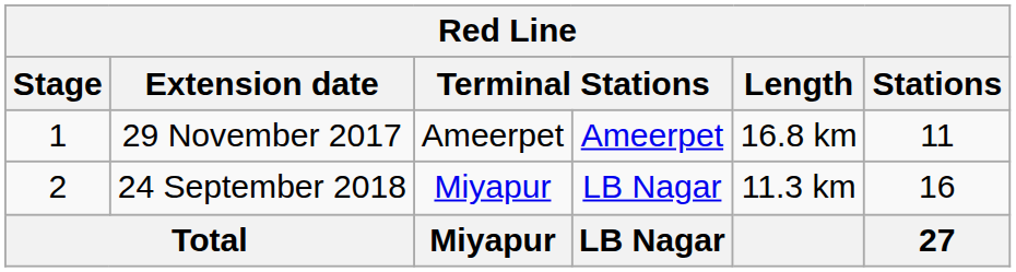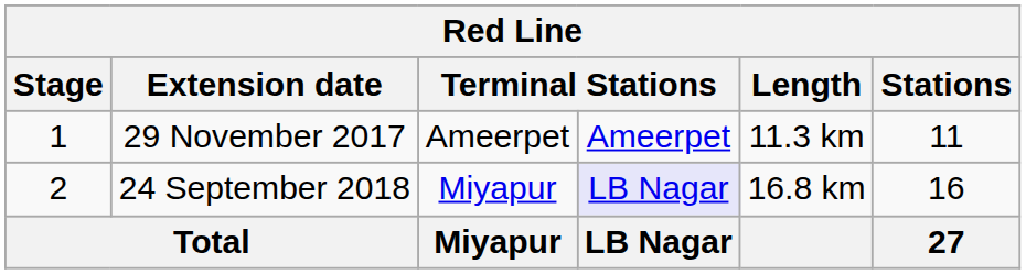 <table class="wikitable" style="text-align: center;">
 <tr>
 <th colspan="6" align="center" style="background:#"><span><strong>Red Line</strong></span></th>
 </tr>
 <tr>
 <th>Stage</th>
 <th>Extension date</th>
 <th colspan="2">Terminal Stations</th>
 <th>Length</th>
 <th>Stations</th>
 </tr>
 <tr>
 <td>1</td>
 <td>29 November 2017</td>
 <td>Ameerpet</td>
 <td><a href='#'>Ameerpet</a></td>
-<td>16.8 km</td>
+<td>11.3 km</td>
 <td>11</td>
 </tr>
 <tr>
 <td>2</td>
 <td>24 September 2018</td>
 <td><a href='#'>Miyapur</a></td>
-<td><a href='#'>LB Nagar</a></td>
-<td>11.3 km</td>
+<td style="background: lavender;"><a href='#'>LB Nagar</a></td>
+<td>16.8 km</td>
 <td>16</td>
 </tr>
 <tr>
 <th colspan=2>Total</th>
 <th>Miyapur</th>
 <th>LB Nagar</th>
 <th></th>
 <th>27</th>
 </tr>
 </table>
